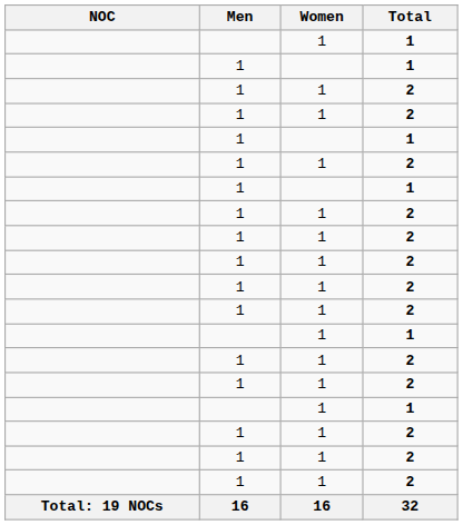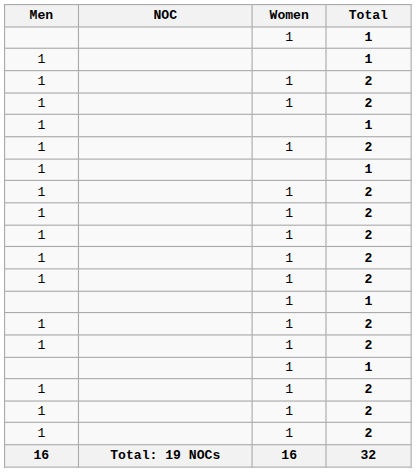 <table class="wikitable" style="text-align:center; font-size:90%">
 <tr>
+<th width=60>Men</th>
 <th width=150 align="left">NOC</th>
-<th width=60>Men</th>
 <th width=60>Women</th>
 <th width=70>Total</th>
 </tr>
 <tr>
+<td></td>
 <td align=left></td>
-<td></td>
 <td>1</td>
 <td><strong>1</strong></td>
 </tr>
 <tr>
+<td>1</td>
 <td align=left></td>
-<td>1</td>
 <td></td>
 <td><strong>1</strong></td>
 </tr>
 <tr>
+<td>1</td>
 <td align=left></td>
-<td>1</td>
 <td>1</td>
 <td><strong>2</strong></td>
 </tr>
 <tr>
+<td>1</td>
 <td align=left></td>
-<td>1</td>
 <td>1</td>
 <td><strong>2</strong></td>
 </tr>
 <tr>
+<td>1</td>
 <td align=left></td>
-<td>1</td>
 <td></td>
 <td><strong>1</strong></td>
 </tr>
 <tr>
+<td>1</td>
 <td align=left></td>
-<td>1</td>
 <td>1</td>
 <td><strong>2</strong></td>
 </tr>
 <tr>
+<td>1</td>
 <td align=left></td>
-<td>1</td>
 <td></td>
 <td><strong>1</strong></td>
 </tr>
 <tr>
+<td>1</td>
 <td align=left></td>
-<td>1</td>
 <td>1</td>
 <td><strong>2</strong></td>
 </tr>
 <tr>
+<td>1</td>
 <td align=left></td>
-<td>1</td>
 <td>1</td>
 <td><strong>2</strong></td>
 </tr>
 <tr>
+<td>1</td>
 <td align=left></td>
-<td>1</td>
 <td>1</td>
 <td><strong>2</strong></td>
 </tr>
 <tr>
+<td>1</td>
 <td align=left></td>
-<td>1</td>
 <td>1</td>
 <td><strong>2</strong></td>
 </tr>
 <tr>
+<td>1</td>
 <td align=left></td>
-<td>1</td>
 <td>1</td>
 <td><strong>2</strong></td>
 </tr>
 <tr>
+<td></td>
 <td align=left></td>
-<td></td>
 <td>1</td>
 <td><strong>1</strong></td>
 </tr>
 <tr>
+<td>1</td>
 <td align=left></td>
-<td>1</td>
 <td>1</td>
 <td><strong>2</strong></td>
 </tr>
 <tr>
+<td>1</td>
 <td align=left></td>
-<td>1</td>
 <td>1</td>
 <td><strong>2</strong></td>
 </tr>
 <tr>
+<td></td>
 <td align=left></td>
-<td></td>
 <td>1</td>
 <td><strong>1</strong></td>
 </tr>
 <tr>
+<td>1</td>
 <td align=left></td>
-<td>1</td>
 <td>1</td>
 <td><strong>2</strong></td>
 </tr>
 <tr>
+<td>1</td>
 <td align=left></td>
-<td>1</td>
 <td>1</td>
 <td><strong>2</strong></td>
 </tr>
 <tr>
+<td>1</td>
 <td align=left></td>
-<td>1</td>
 <td>1</td>
 <td><strong>2</strong></td>
 </tr>
 <tr>
+<th>16</th>
 <th>Total: 19 NOCs</th>
-<th>16</th>
 <th>16</th>
 <th>32</th>
 </tr>
 </table>
